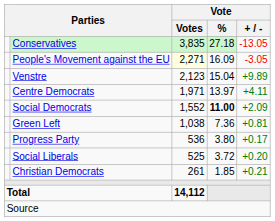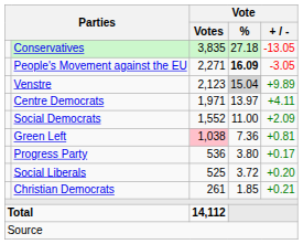 <table class="wikitable" style="text-align:right;">
 <tr>
 <th style="text-align:centre;" rowspan="2" colspan="2" width="225">Parties</th>
 <th colspan="3">Vote</th>
 </tr>
 <tr>
 <th width="15">Votes</th>
 <th width="15">%</th>
 <th width="15">+ / -</th>
 </tr>
 <tr>
 <td width="2" style="color:inherit;background:"></td>
 <td bgcolor=#ccf7cc   align="left"><a href='#'>Conservatives</a></td>
 <td bgcolor=#ccf7cc>3,835</td>
 <td bgcolor=#ccf7cc>27.18</td>
 <td style=color:red;>-13.05</td>
 </tr>
 <tr>
 <td width="2" style="color:inherit;background:"></td>
 <td align="left"><a href='#'>People's Movement against the EU</a></td>
-<td style="background: lightyellow;">2,271</td>
-<td>16.09</td>
+<td>2,271</td>
+<td><strong>16.09</strong></td>
 <td style=color:red;>-3.05</td>
 </tr>
 <tr>
 <td width="2" style="color:inherit;background:"></td>
 <td align="left"><a href='#'>Venstre</a></td>
 <td>2,123</td>
-<td>15.04</td>
+<td style="background: lightgrey;">15.04</td>
 <td style=color:green;>+9.89</td>
 </tr>
 <tr>
 <td width="2" style="color:inherit;background:"></td>
 <td align="left"><a href='#'>Centre Democrats</a></td>
 <td>1,971</td>
 <td>13.97</td>
 <td style=color:green;>+4.11</td>
 </tr>
 <tr>
 <td width="2" style="color:inherit;background:"></td>
 <td align="left"><a href='#'>Social Democrats</a></td>
 <td>1,552</td>
-<td><strong>11.00</strong></td>
+<td>11.00</td>
 <td style=color:green;>+2.09</td>
 </tr>
 <tr>
 <td width="2" style="color:inherit;background:"></td>
 <td align="left"><a href='#'>Green Left</a></td>
-<td>1,038</td>
+<td style="background: pink;">1,038</td>
 <td>7.36</td>
 <td style=color:green;>+0.81</td>
 </tr>
 <tr>
 <td width="2" style="color:inherit;background:"></td>
 <td align="left"><a href='#'>Progress Party</a></td>
 <td>536</td>
 <td>3.80</td>
 <td style=color:green;>+0.17</td>
 </tr>
 <tr>
 <td width="2" style="color:inherit;background:"></td>
 <td align="left"><a href='#'>Social Liberals</a></td>
 <td>525</td>
 <td>3.72</td>
 <td style=color:green;>+0.20</td>
 </tr>
 <tr>
 <td width="2" style="color:inherit;background:"></td>
 <td align="left"><a href='#'>Christian Democrats</a></td>
 <td>261</td>
 <td>1.85</td>
 <td style=color:green;>+0.21</td>
 </tr>
 <tr>
 <td colspan="7" bgcolor="#E9E9E9"></td>
 </tr>
 <tr>
 <td align="left" colspan="2"><strong>Total</strong></td>
 <td><strong>14,112</strong></td>
 <td bgcolor="#E9E9E9" colspan="2"></td>
 </tr>
 <tr>
 <td align="left" colspan="6">Source</td>
 </tr>
 </table>
